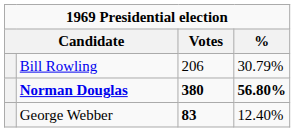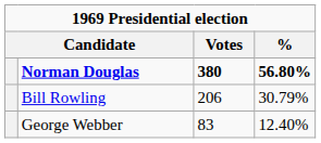 <table class="wikitable" style="font-size: 95%;">
 <tr>
 <td colspan=4 style="text-align:center;"><strong>1969 Presidential election</strong></td>
 </tr>
 <tr style="background-color:#E9E9E9">
 <th colspan="2" style="width: 170px">Candidate</th>
 <th style="width: 50px">Votes</th>
 <th style="width: 40px">%</th>
 </tr>
 <tr>
-<th style="background-color: "></th>
-<td><a href='#'>Bill Rowling</a></td>
-<td>206</td>
-<td>30.79%</td>
-</tr>
-<tr>
 <th width=5 style="background-color: "></th>
 <td><strong><a href='#'>Norman Douglas</a></strong></td>
 <td><strong>380</strong></td>
 <td><strong>56.80%</strong></td>
 </tr>
 <tr>
 <th style="background-color: "></th>
+<td><a href='#'>Bill Rowling</a></td>
+<td>206</td>
+<td>30.79%</td>
+</tr>
+<tr>
+<th style="background-color: "></th>
 <td>George Webber</td>
-<td><strong>83</strong></td>
+<td>83</td>
 <td>12.40%</td>
 </tr>
 </table>
